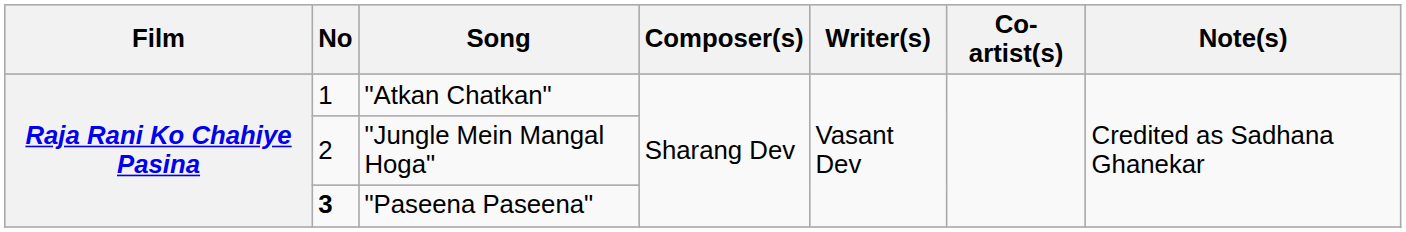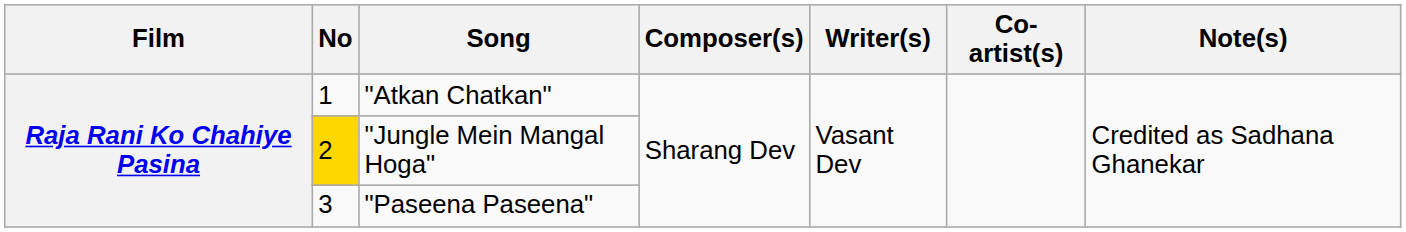 <table class="wikitable">
 <tr>
 <th>Film</th>
 <th><strong>No</strong></th>
 <th>Song</th>
 <th>Composer(s)</th>
 <th>Writer(s)</th>
 <th>Co-artist(s)</th>
 <th>Note(s)</th>
 </tr>
 <tr>
 <th rowspan="3"><em><a href='#'>Raja Rani Ko Chahiye Pasina</a></em></th>
 <td>1</td>
 <td>"Atkan Chatkan"</td>
 <td rowspan="3">Sharang Dev</td>
 <td rowspan="3">Vasant Dev</td>
 <td rowspan="3"></td>
 <td rowspan="3">Credited as Sadhana Ghanekar</td>
 </tr>
 <tr>
-<td>2</td>
+<td style="background: gold;">2</td>
 <td>"Jungle Mein Mangal Hoga"</td>
 </tr>
 <tr>
-<td><strong>3</strong></td>
+<td>3</td>
 <td>"Paseena Paseena"</td>
 </tr>
 </table>
